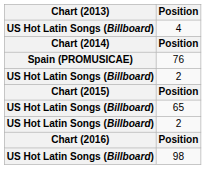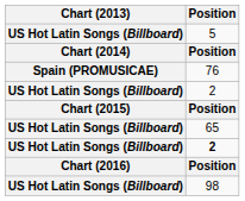 <table class="wikitable plainrowheaders " style="text-align:center;">
 <tr>
 <th>Chart (2013)</th>
 <th>Position</th>
 </tr>
 <tr>
 <th scope="row">US Hot Latin Songs (<em>Billboard</em>)</th>
-<td style="text-align:center;">4</td>
+<td style="text-align:center;">5</td>
 </tr>
 <tr>
 <th>Chart (2014)</th>
 <th>Position</th>
 </tr>
 <tr>
 <th scope="row">Spain (PROMUSICAE)</th>
 <td align=center>76</td>
 </tr>
 <tr>
 <th scope="row">US Hot Latin Songs (<em>Billboard</em>)</th>
 <td style="text-align:center;">2</td>
 </tr>
 <tr>
 <th>Chart (2015)</th>
 <th>Position</th>
 </tr>
 <tr>
 <th scope="row">US Hot Latin Songs (<em>Billboard</em>)</th>
 <td align=center>65</td>
 </tr>
 <tr>
 <th scope="row">US Hot Latin Songs (<em>Billboard</em>)</th>
-<td style="text-align:center;">2</td>
+<td style="text-align:center;"><strong>2</strong></td>
 </tr>
 <tr>
 <th>Chart (2016)</th>
 <th>Position</th>
 </tr>
 <tr>
 <th scope="row">US Hot Latin Songs (<em>Billboard</em>)</th>
 <td style="text-align:center;">98</td>
 </tr>
 </table>
